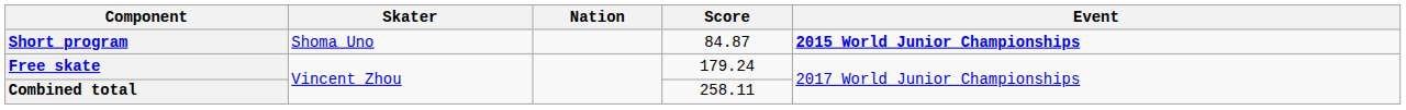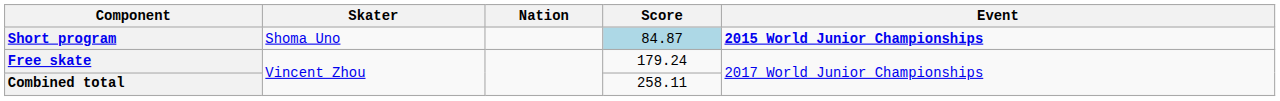 <table class="wikitable unsortable" style="text-align:left; width:75%">
 <tr>
 <th scope="col">Component</th>
 <th scope="col">Skater</th>
 <th scope="col">Nation</th>
 <th scope="col">Score</th>
 <th scope="col">Event</th>
 </tr>
 <tr>
 <th scope="row" style="text-align:left"><a href='#'>Short program</a></th>
 <td><a href='#'>Shoma Uno</a></td>
 <td></td>
-<td style="text-align:center">84.87</td>
+<td style="background: lightblue; text-align:center">84.87</td>
 <td><strong><a href='#'>2015 World Junior Championships</a></strong></td>
 </tr>
 <tr>
 <th scope="row" style="text-align:left"><a href='#'>Free skate</a></th>
 <td rowspan="2"><a href='#'>Vincent Zhou</a></td>
 <td rowspan="2"></td>
 <td style="text-align:center">179.24</td>
 <td rowspan="2"><a href='#'>2017 World Junior Championships</a></td>
 </tr>
 <tr>
 <th scope="row" style="text-align:left">Combined total</th>
 <td style="text-align:center">258.11</td>
 </tr>
 </table>
